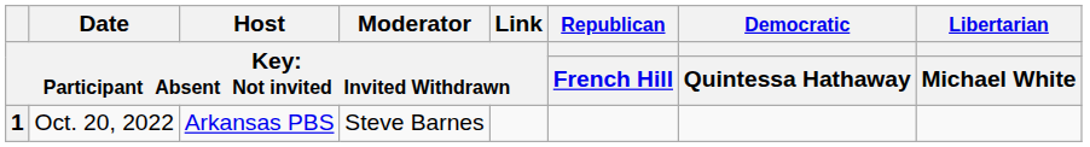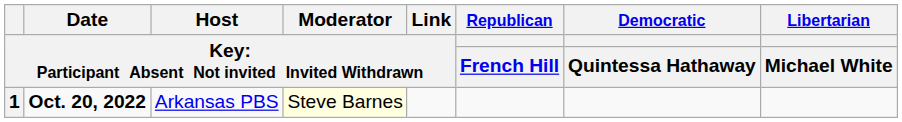 <table class="wikitable" style="text-align:center;">
 <tr>
 <th scope="col"></th>
 <th scope="col">Date</th>
 <th scope="col">Host</th>
 <th scope="col">Moderator</th>
 <th scope="col">Link</th>
 <th scope="col"><small><a href='#'>Republican</a></small></th>
 <th scope="col"><small><a href='#'>Democratic</a></small></th>
 <th scope="col"><small><a href='#'>Libertarian</a></small></th>
 </tr>
 <tr>
 <th colspan="5" rowspan="2">Key:<br> <small>Participant </small>  <small>Absent </small>  <small>Not invited </small>  <small>Invited  Withdrawn</small></th>
 <th scope="col" style="background:"></th>
 <th scope="col" style="background:"></th>
 <th scope="col" style="background:"></th>
 </tr>
 <tr>
 <th scope="col"><a href='#'>French Hill</a></th>
 <th scope="col">Quintessa Hathaway</th>
 <th scope="col">Michael White</th>
 </tr>
 <tr>
 <th>1</th>
-<td style="white-space:nowrap;">Oct. 20, 2022</td>
+<td style="white-space:nowrap;"><strong>Oct. 20, 2022</strong></td>
 <td style="white-space:nowrap;"><a href='#'>Arkansas PBS</a></td>
-<td style="white-space:nowrap;">Steve Barnes</td>
+<td style="background: lightyellow; white-space:nowrap;">Steve Barnes</td>
 <td style="white-space:nowrap;"></td>
 <td></td>
 <td></td>
 <td></td>
 </tr>
 </table>
